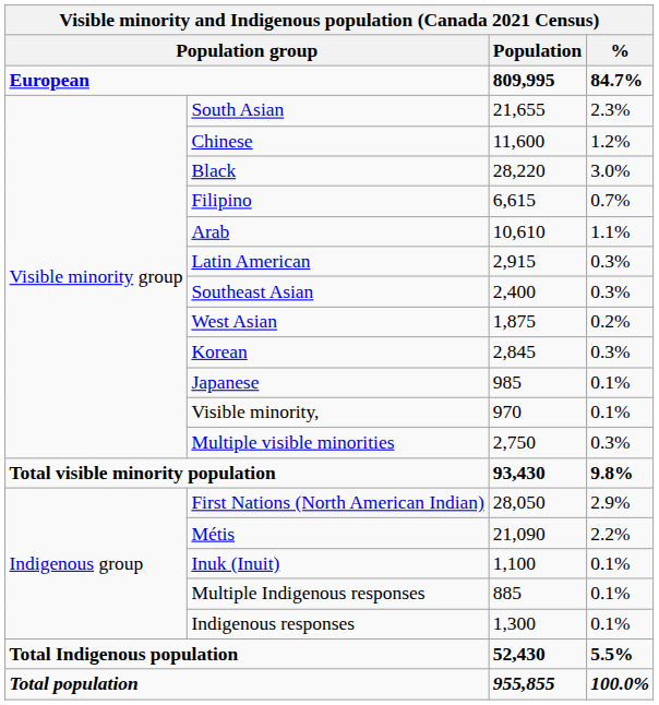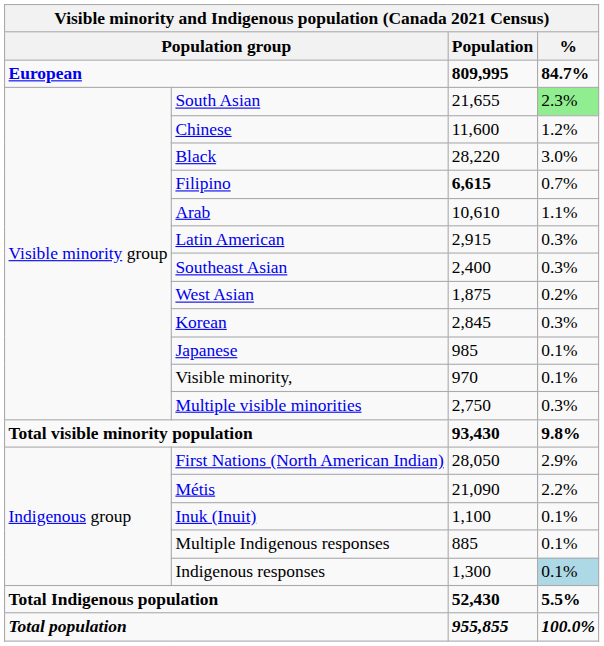 <table class="wikitable">
 <tr>
 <th colspan=4>Visible minority and Indigenous population (Canada 2021 Census)</th>
 </tr>
 <tr>
 <th colspan="2">Population group</th>
 <th>Population</th>
 <th>%</th>
 </tr>
 <tr>
 <td colspan="2"><strong><a href='#'>European</a></strong></td>
 <td><strong>809,995</strong></td>
 <td><strong>84.7%</strong></td>
 </tr>
 <tr>
 <td rowspan="12"><a href='#'>Visible minority</a> group<br></td>
 <td><a href='#'>South Asian</a></td>
 <td>21,655</td>
-<td>2.3%</td>
+<td style="background: lightgreen;">2.3%</td>
 </tr>
 <tr>
 <td><a href='#'>Chinese</a></td>
 <td>11,600</td>
 <td>1.2%</td>
 </tr>
 <tr>
 <td><a href='#'>Black</a></td>
 <td>28,220</td>
 <td>3.0%</td>
 </tr>
 <tr>
 <td><a href='#'>Filipino</a></td>
-<td>6,615</td>
+<td><strong>6,615</strong></td>
 <td>0.7%</td>
 </tr>
 <tr>
 <td><a href='#'>Arab</a></td>
 <td>10,610</td>
 <td>1.1%</td>
 </tr>
 <tr>
 <td><a href='#'>Latin American</a></td>
 <td>2,915</td>
 <td>0.3%</td>
 </tr>
 <tr>
 <td><a href='#'>Southeast Asian</a></td>
 <td>2,400</td>
 <td>0.3%</td>
 </tr>
 <tr>
 <td><a href='#'>West Asian</a></td>
 <td>1,875</td>
 <td>0.2%</td>
 </tr>
 <tr>
 <td><a href='#'>Korean</a></td>
 <td>2,845</td>
 <td>0.3%</td>
 </tr>
 <tr>
 <td><a href='#'>Japanese</a></td>
 <td>985</td>
 <td>0.1%</td>
 </tr>
 <tr>
 <td>Visible minority, </td>
 <td>970</td>
 <td>0.1%</td>
 </tr>
 <tr>
 <td><a href='#'>Multiple visible minorities</a></td>
 <td>2,750</td>
 <td>0.3%</td>
 </tr>
 <tr>
 <td colspan="2"><strong>Total visible minority population</strong></td>
 <td><strong>93,430</strong></td>
 <td><strong>9.8%</strong></td>
 </tr>
 <tr>
 <td rowspan="5"><a href='#'>Indigenous</a> group<br></td>
 <td><a href='#'>First Nations (North American Indian)</a></td>
 <td>28,050</td>
 <td>2.9%</td>
 </tr>
 <tr>
 <td><a href='#'>Métis</a></td>
 <td>21,090</td>
 <td>2.2%</td>
 </tr>
 <tr>
 <td><a href='#'>Inuk (Inuit)</a></td>
 <td>1,100</td>
 <td>0.1%</td>
 </tr>
 <tr>
 <td>Multiple Indigenous responses</td>
 <td>885</td>
 <td>0.1%</td>
 </tr>
 <tr>
 <td>Indigenous responses </td>
 <td>1,300</td>
-<td>0.1%</td>
+<td style="background: lightblue;">0.1%</td>
 </tr>
 <tr>
 <td colspan="2"><strong>Total Indigenous population</strong></td>
 <td><strong>52,430</strong></td>
 <td><strong>5.5%</strong></td>
 </tr>
 <tr>
 <td colspan="2"><strong><em>Total population</em></strong></td>
 <td><strong><em>955,855</em></strong></td>
 <td><strong><em>100.0%</em></strong></td>
 </tr>
 </table>
